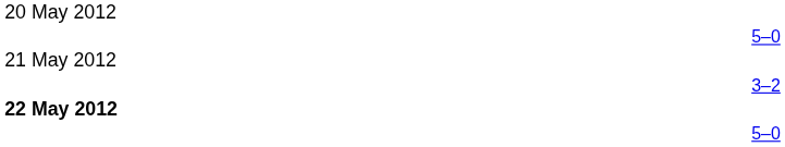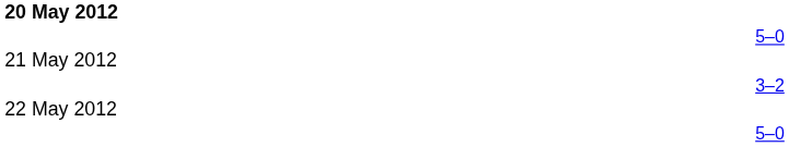 <table style="width:100%;" cellspacing="1">
 <tr>
 <th width=25%></th>
 <th width=10%></th>
 <th width=25%></th>
 </tr>
 <tr>
-<td>20 May 2012</td>
+<td><strong>20 May 2012</strong></td>
 </tr>
 <tr style=font-size:90%>
 <td align=right></td>
 <td align=center><a href='#'>5–0</a></td>
 <td></td>
 </tr>
 <tr>
 <td>21 May 2012</td>
 </tr>
 <tr style=font-size:90%>
 <td align=right></td>
 <td align=center><a href='#'>3–2</a></td>
 <td></td>
 </tr>
 <tr>
-<td><strong>22 May 2012</strong></td>
+<td>22 May 2012</td>
 </tr>
 <tr style=font-size:90%>
 <td align=right></td>
 <td align=center><a href='#'>5–0</a></td>
 <td></td>
 </tr>
 </table>
